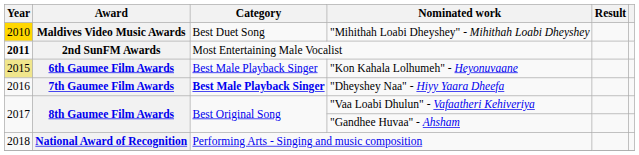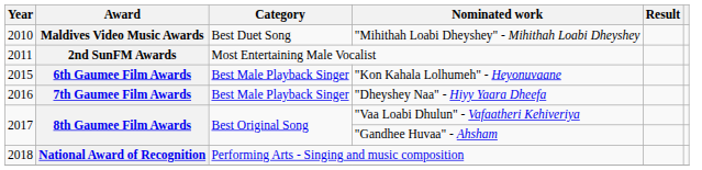 <table class="wikitable plainrowheaders sortable">
 <tr>
 <th scope="col">Year</th>
 <th scope="col">Award</th>
 <th scope="col">Category</th>
 <th scope="col">Nominated work</th>
 <th scope="col">Result</th>
 <th scope="col" class="unsortable"></th>
 </tr>
 <tr>
-<td style="background: gold;">2010</td>
+<td>2010</td>
 <th scope="row">Maldives Video Music Awards</th>
 <td>Best Duet Song</td>
 <td>"Mihithah Loabi Dheyshey" - <em>Mihithah Loabi Dheyshey</em></td>
 <td></td>
 <td style="text-align:center;"></td>
 </tr>
 <tr>
-<td><strong>2011</strong></td>
+<td>2011</td>
 <th scope="row">2nd SunFM Awards</th>
 <td colspan="2">Most Entertaining Male Vocalist</td>
 <td></td>
 <td style="text-align:center;"></td>
 </tr>
 <tr>
-<td style="background: khaki;">2015</td>
+<td>2015</td>
 <th scope="row"><a href='#'>6th Gaumee Film Awards</a></th>
 <td><a href='#'>Best Male Playback Singer</a></td>
 <td>"Kon Kahala Lolhumeh" - <em><a href='#'>Heyonuvaane</a></em></td>
 <td></td>
 <td style="text-align:center;"></td>
 </tr>
 <tr>
 <td>2016</td>
 <th scope="row"><a href='#'>7th Gaumee Film Awards</a></th>
-<td><strong><a href='#'>Best Male Playback Singer</a></strong></td>
+<td><a href='#'>Best Male Playback Singer</a></td>
 <td>"Dheyshey Naa" - <em><a href='#'>Hiyy Yaara Dheefa</a></em></td>
 <td></td>
 <td style="text-align:center;"></td>
 </tr>
 <tr>
 <td rowspan="2">2017</td>
 <th scope="row" rowspan="2"><a href='#'>8th Gaumee Film Awards</a></th>
 <td rowspan="2"><a href='#'>Best Original Song</a></td>
 <td>"Vaa Loabi Dhulun" - <em><a href='#'>Vafaatheri Kehiveriya</a></em></td>
 <td></td>
 <td style="text-align:center;"></td>
 </tr>
 <tr>
 <td>"Gandhee Huvaa" - <em><a href='#'>Ahsham</a></em></td>
 <td></td>
 <td style="text-align:center;"></td>
 </tr>
 <tr>
 <td>2018</td>
 <th scope="row"><a href='#'>National Award of Recognition</a></th>
 <td colspan="2"><a href='#'>Performing Arts - Singing and music composition</a></td>
 <td></td>
 <td style="text-align:center;"></td>
 </tr>
 <tr>
 </tr>
 </table>
